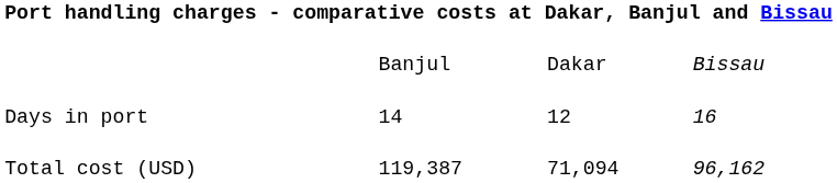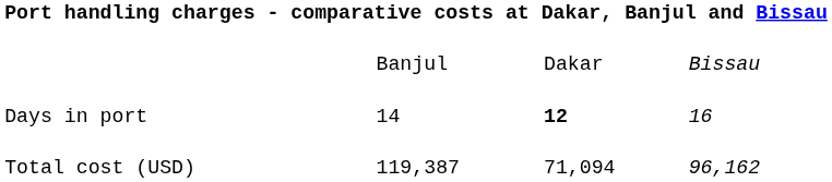 <table>
 <tr>
 <th colspan="4"><strong>Port handling charges - comparative costs at Dakar, Banjul and <a href='#'>Bissau</a></strong></th>
 </tr>
 <tr>
 <td></td>
 <td><br>Banjul</td>
 <td><br>Dakar</td>
 <td><br><em>Bissau</em></td>
 </tr>
 <tr>
 <td><br>Days in port</td>
 <td><br>14</td>
-<td><br>12</td>
+<td><strong><br>12</strong></td>
 <td><br><em>16</em></td>
 </tr>
 <tr>
 <td><br>Total cost (USD)</td>
 <td><br>119,387</td>
 <td><br>71,094</td>
 <td><br><em>96,162</em></td>
 </tr>
 </table>
